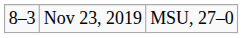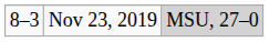 <table class="wikitable">
 <tr align="center">
 </tr>
 <tr align="center">
 <td>8–3</td>
 <td>Nov 23, 2019</td>
-<td>MSU, 27–0</td>
+<td style="background: lightgrey;">MSU, 27–0</td>
 </tr>
 </table>
